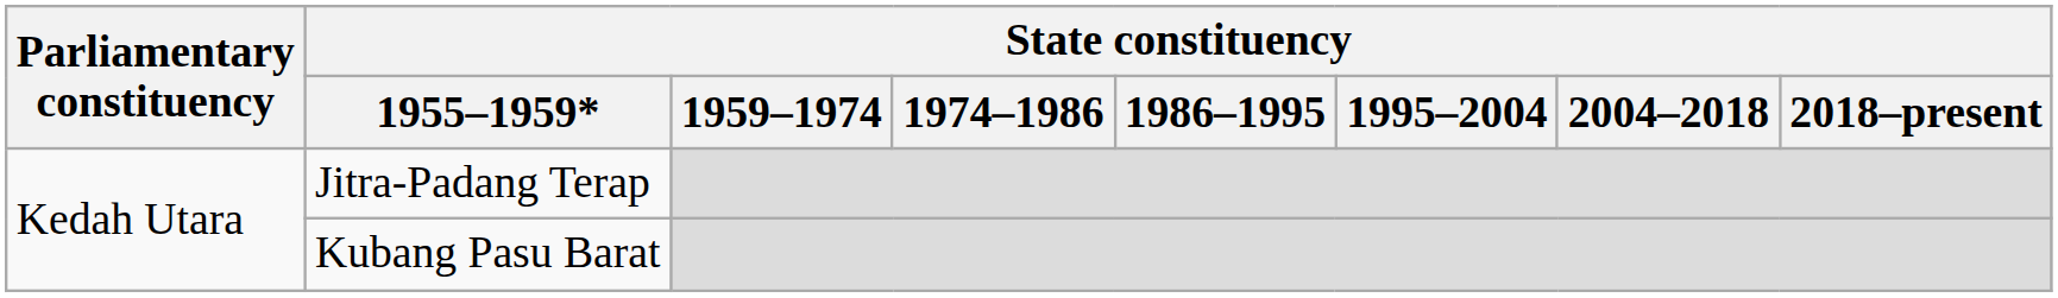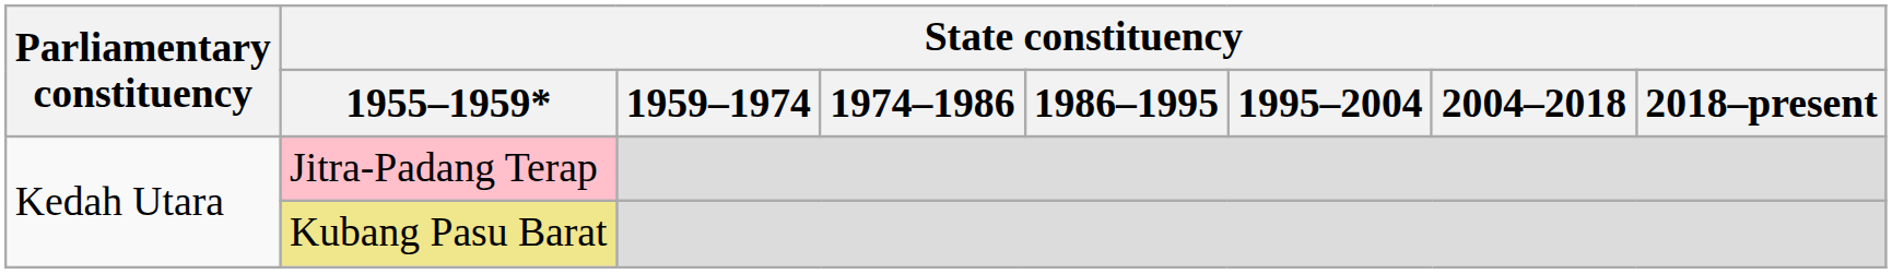 <table class="wikitable">
 <tr>
 <th rowspan="2">Parliamentary<br>constituency</th>
 <th colspan="7">State constituency</th>
 </tr>
 <tr>
 <th>1955–1959*</th>
 <th>1959–1974</th>
 <th>1974–1986</th>
 <th>1986–1995</th>
 <th>1995–2004</th>
 <th>2004–2018</th>
 <th>2018–present</th>
 </tr>
 <tr>
 <td rowspan="2">Kedah Utara</td>
-<td>Jitra-Padang Terap</td>
+<td style="background: pink;">Jitra-Padang Terap</td>
 <td colspan="6" bgcolor="dcdcdc"></td>
 </tr>
 <tr>
-<td>Kubang Pasu Barat</td>
+<td style="background: khaki;">Kubang Pasu Barat</td>
 <td colspan="6" bgcolor="dcdcdc"></td>
 </tr>
 </table>
